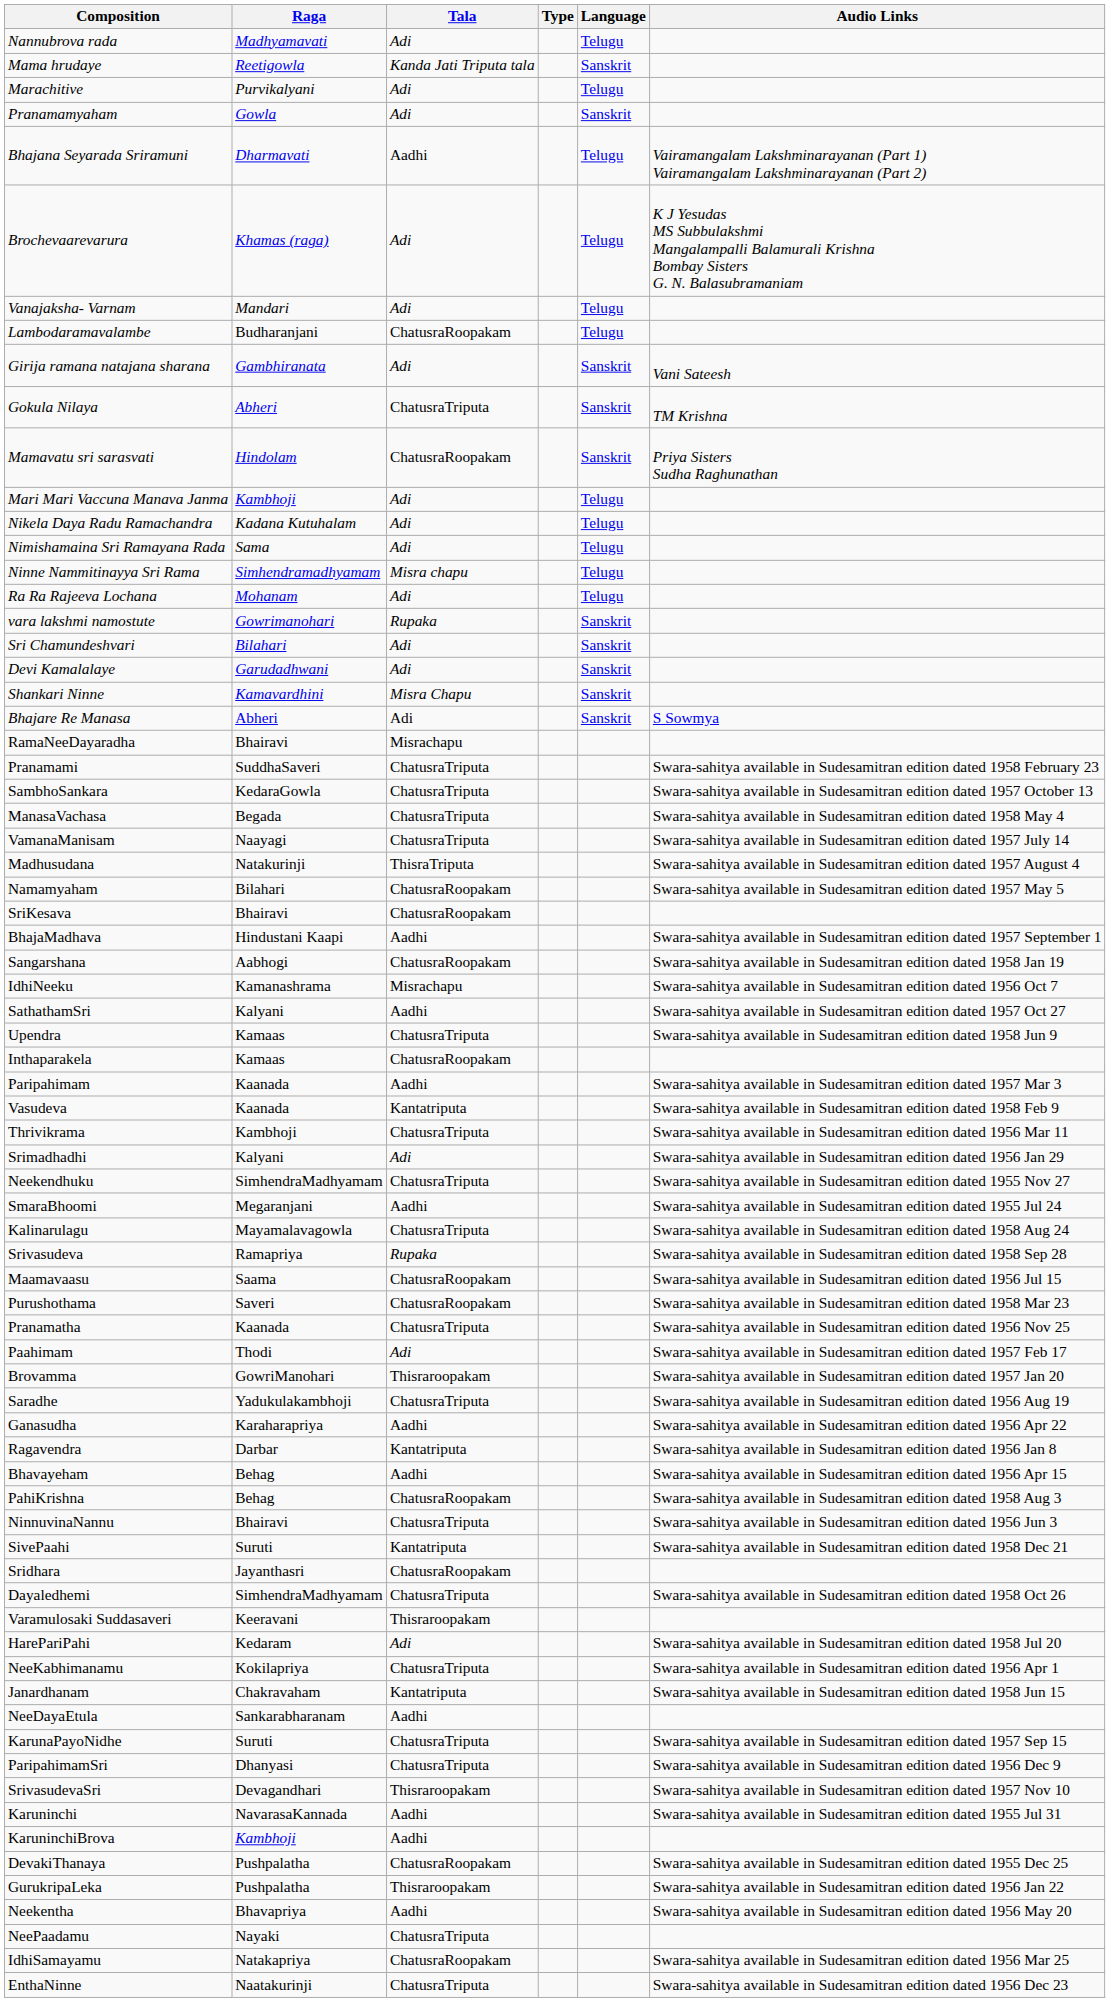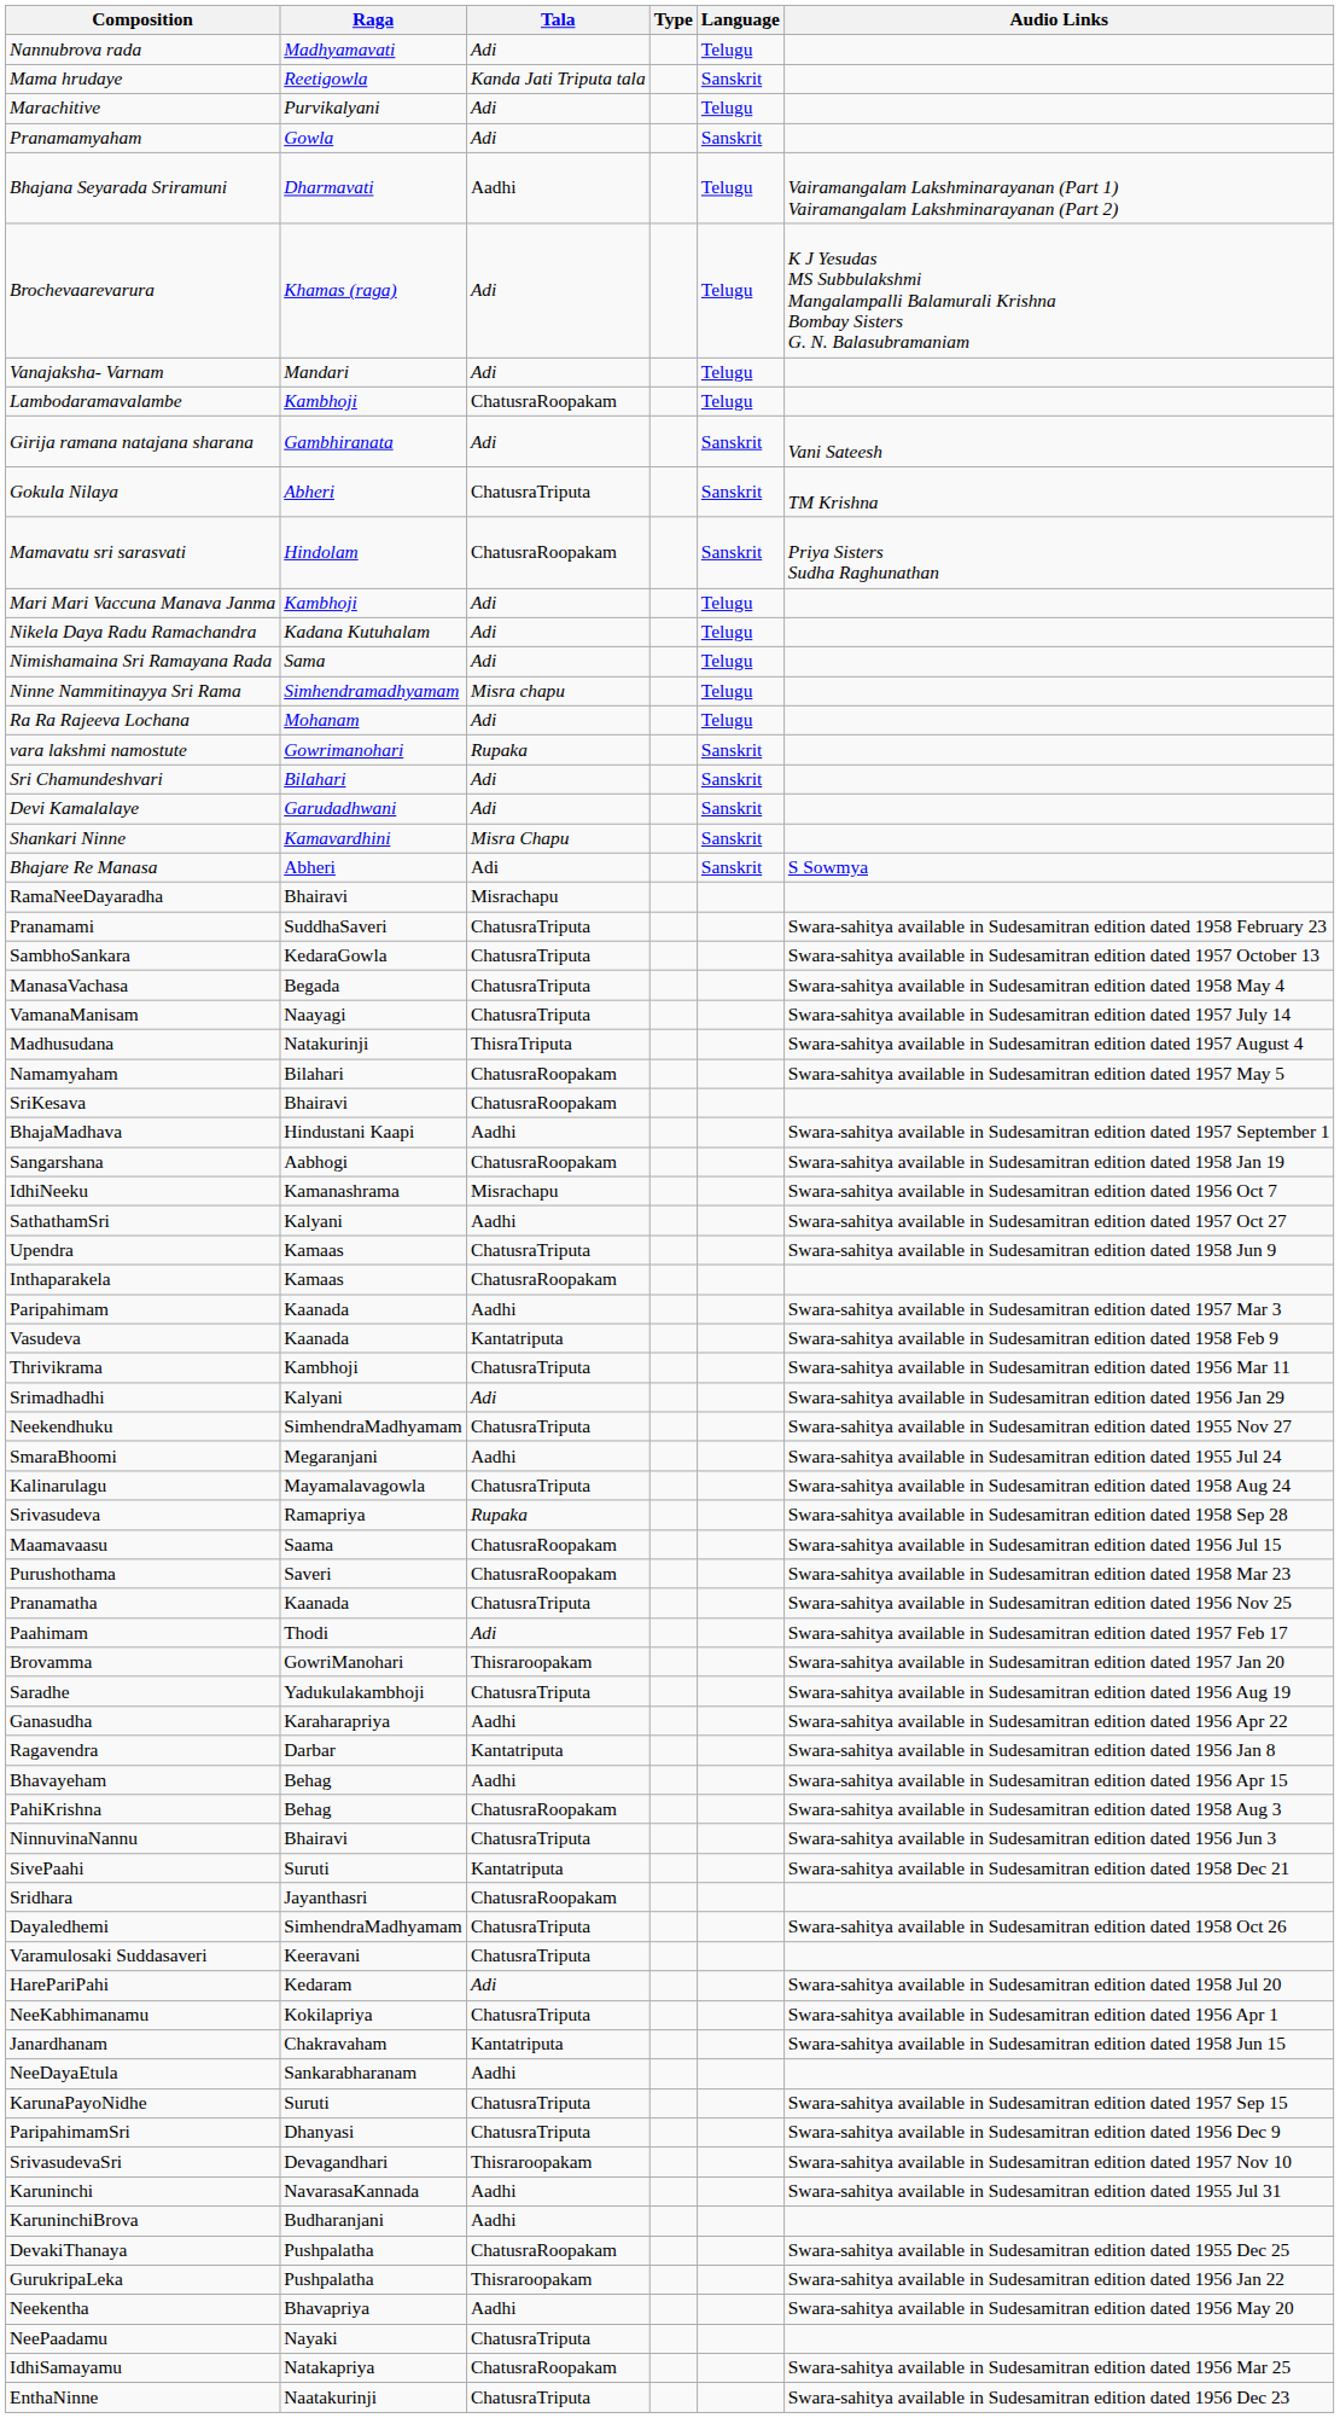 <table class="wikitable">
 <tr>
 <th>Composition</th>
 <th><a href='#'>Raga</a></th>
 <th><a href='#'>Tala</a></th>
 <th>Type</th>
 <th>Language</th>
 <th>Audio Links</th>
 </tr>
 <tr>
 <td><em>Nannubrova rada</em></td>
 <td><em><a href='#'>Madhyamavati</a></em></td>
 <td><em>Adi</em></td>
 <td></td>
 <td><a href='#'>Telugu</a></td>
 <td></td>
 </tr>
 <tr>
 <td><em>Mama hrudaye</em></td>
 <td><em><a href='#'>Reetigowla</a></em></td>
 <td><em>Kanda Jati Triputa tala</em></td>
 <td></td>
 <td><a href='#'>Sanskrit</a></td>
 <td></td>
 </tr>
 <tr>
 <td><em>Marachitive </em></td>
 <td><em>Purvikalyani</em></td>
 <td><em>Adi</em></td>
 <td></td>
 <td><a href='#'>Telugu</a></td>
 <td></td>
 </tr>
 <tr>
 <td><em>Pranamamyaham</em></td>
 <td><em><a href='#'>Gowla</a></em></td>
 <td><em>Adi</em></td>
 <td></td>
 <td><a href='#'>Sanskrit</a></td>
 <td></td>
 </tr>
 <tr>
 <td><em>Bhajana Seyarada Sriramuni</em></td>
 <td><em><a href='#'>Dharmavati</a></em></td>
 <td>Aadhi</td>
 <td></td>
 <td><a href='#'>Telugu</a></td>
 <td><br><em>Vairamangalam Lakshminarayanan (Part 1)</em> <br> <em>Vairamangalam Lakshminarayanan (Part 2)</em></td>
 </tr>
 <tr>
 <td><em>Brochevaarevarura</em></td>
 <td><em><a href='#'>Khamas (raga)</a></em></td>
 <td><em>Adi</em></td>
 <td></td>
 <td><a href='#'>Telugu</a></td>
 <td><br><em>K J Yesudas</em> <br> <em>MS Subbulakshmi</em> <br> <em>Mangalampalli Balamurali Krishna</em> <br> <em>Bombay Sisters</em> <br> <em>G. N. Balasubramaniam</em></td>
 </tr>
 <tr>
 <td><em>Vanajaksha- Varnam</em></td>
 <td><em>Mandari</em></td>
 <td><em>Adi</em></td>
 <td></td>
 <td><a href='#'>Telugu</a></td>
 <td></td>
 </tr>
 <tr>
 <td><em>Lambodaramavalambe</em></td>
-<td>Budharanjani</td>
+<td><em><a href='#'>Kambhoji</a></em></td>
 <td>ChatusraRoopakam</td>
 <td></td>
 <td><a href='#'>Telugu</a></td>
 <td></td>
 </tr>
 <tr>
 <td><em>Girija ramana natajana sharana</em></td>
 <td><em><a href='#'>Gambhiranata</a></em></td>
 <td><em>Adi</em></td>
 <td></td>
 <td><a href='#'>Sanskrit</a></td>
 <td><br><em>Vani Sateesh</em><br></td>
 </tr>
 <tr>
 <td><em>Gokula Nilaya</em></td>
 <td><em><a href='#'>Abheri</a></em></td>
 <td>ChatusraTriputa</td>
 <td></td>
 <td><a href='#'>Sanskrit</a></td>
 <td><br><em>TM Krishna</em></td>
 </tr>
 <tr>
 <td><em>Mamavatu sri sarasvati</em></td>
 <td><em><a href='#'>Hindolam</a></em></td>
 <td>ChatusraRoopakam</td>
 <td></td>
 <td><a href='#'>Sanskrit</a></td>
 <td><br><em>Priya Sisters</em> <br> <em>Sudha Raghunathan</em></td>
 </tr>
 <tr>
 <td><em>Mari Mari Vaccuna Manava Janma</em></td>
 <td><em><a href='#'>Kambhoji</a></em></td>
 <td><em>Adi</em></td>
 <td></td>
 <td><a href='#'>Telugu</a></td>
 <td></td>
 </tr>
 <tr>
 <td><em>Nikela Daya Radu Ramachandra</em></td>
 <td><em>Kadana Kutuhalam</em></td>
 <td><em>Adi</em></td>
 <td></td>
 <td><a href='#'>Telugu</a></td>
 <td></td>
 </tr>
 <tr>
 <td><em>Nimishamaina Sri Ramayana Rada</em></td>
 <td><em>Sama</em></td>
 <td><em>Adi</em></td>
 <td></td>
 <td><a href='#'>Telugu</a></td>
 <td></td>
 </tr>
 <tr>
 <td><em>Ninne Nammitinayya Sri Rama</em></td>
 <td><em><a href='#'>Simhendramadhyamam</a></em></td>
 <td><em>Misra chapu</em></td>
 <td></td>
 <td><a href='#'>Telugu</a></td>
 <td></td>
 </tr>
 <tr>
 <td><em>Ra Ra Rajeeva Lochana</em></td>
 <td><em><a href='#'>Mohanam</a></em></td>
 <td><em>Adi</em></td>
 <td></td>
 <td><a href='#'>Telugu</a></td>
 <td></td>
 </tr>
 <tr>
 <td><em>vara lakshmi namostute</em></td>
 <td><em><a href='#'>Gowrimanohari</a></em></td>
 <td><em>Rupaka</em></td>
 <td></td>
 <td><a href='#'>Sanskrit</a></td>
 <td></td>
 </tr>
 <tr>
 <td><em>Sri Chamundeshvari</em></td>
 <td><em><a href='#'>Bilahari</a></em></td>
 <td><em>Adi</em></td>
 <td></td>
 <td><a href='#'>Sanskrit</a></td>
 <td></td>
 </tr>
 <tr>
 <td><em>Devi Kamalalaye</em></td>
 <td><em><a href='#'>Garudadhwani</a></em></td>
 <td><em>Adi</em></td>
 <td></td>
 <td><a href='#'>Sanskrit</a></td>
 <td></td>
 </tr>
 <tr>
 <td><em>Shankari Ninne</em></td>
 <td><em><a href='#'>Kamavardhini</a></em></td>
 <td><em>Misra Chapu</em></td>
 <td></td>
 <td><a href='#'>Sanskrit</a></td>
 </tr>
 <tr>
 <td><em>Bhajare Re Manasa</em></td>
 <td><a href='#'>Abheri</a></td>
 <td>Adi</td>
 <td></td>
 <td><a href='#'>Sanskrit</a></td>
 <td><a href='#'>S Sowmya</a></td>
 </tr>
 <tr>
 <td>RamaNeeDayaradha</td>
 <td>Bhairavi</td>
 <td>Misrachapu</td>
 <td></td>
 <td></td>
 <td></td>
 </tr>
 <tr>
 <td>Pranamami</td>
 <td>SuddhaSaveri</td>
 <td>ChatusraTriputa</td>
 <td></td>
 <td></td>
 <td>Swara-sahitya available in Sudesamitran edition dated 1958 February 23</td>
 </tr>
 <tr>
 <td>SambhoSankara</td>
 <td>KedaraGowla</td>
 <td>ChatusraTriputa</td>
 <td></td>
 <td></td>
 <td>Swara-sahitya available in Sudesamitran edition dated 1957 October 13</td>
 </tr>
 <tr>
 <td>ManasaVachasa</td>
 <td>Begada</td>
 <td>ChatusraTriputa</td>
 <td></td>
 <td></td>
 <td>Swara-sahitya available in Sudesamitran edition dated 1958 May 4</td>
 </tr>
 <tr>
 <td>VamanaManisam</td>
 <td>Naayagi</td>
 <td>ChatusraTriputa</td>
 <td></td>
 <td></td>
 <td>Swara-sahitya available in Sudesamitran edition dated 1957 July 14</td>
 </tr>
 <tr>
 <td>Madhusudana</td>
 <td>Natakurinji</td>
 <td>ThisraTriputa</td>
 <td></td>
 <td></td>
 <td>Swara-sahitya available in Sudesamitran edition dated 1957 August 4</td>
 </tr>
 <tr>
 <td>Namamyaham</td>
 <td>Bilahari</td>
 <td>ChatusraRoopakam</td>
 <td></td>
 <td></td>
 <td>Swara-sahitya available in Sudesamitran edition dated 1957 May 5</td>
 </tr>
 <tr>
 <td>SriKesava</td>
 <td>Bhairavi</td>
 <td>ChatusraRoopakam</td>
 <td></td>
 <td></td>
 <td></td>
 </tr>
 <tr>
 <td>BhajaMadhava</td>
 <td>Hindustani  Kaapi</td>
 <td>Aadhi</td>
 <td></td>
 <td></td>
 <td>Swara-sahitya available in Sudesamitran edition dated 1957 September 1</td>
 </tr>
 <tr>
 <td>Sangarshana</td>
 <td>Aabhogi</td>
 <td>ChatusraRoopakam</td>
 <td></td>
 <td></td>
 <td>Swara-sahitya available in Sudesamitran edition dated 1958 Jan 19</td>
 </tr>
 <tr>
 <td>IdhiNeeku</td>
 <td>Kamanashrama</td>
 <td>Misrachapu</td>
 <td></td>
 <td></td>
 <td>Swara-sahitya available in Sudesamitran edition dated 1956 Oct 7</td>
 </tr>
 <tr>
 <td>SathathamSri</td>
 <td>Kalyani</td>
 <td>Aadhi</td>
 <td></td>
 <td></td>
 <td>Swara-sahitya available in Sudesamitran edition dated 1957 Oct 27</td>
 </tr>
 <tr>
 <td>Upendra</td>
 <td>Kamaas</td>
 <td>ChatusraTriputa</td>
 <td></td>
 <td></td>
 <td>Swara-sahitya available in Sudesamitran edition dated 1958 Jun 9</td>
 </tr>
 <tr>
 <td>Inthaparakela</td>
 <td>Kamaas</td>
 <td>ChatusraRoopakam</td>
 <td></td>
 <td></td>
 <td></td>
 </tr>
 <tr>
 <td>Paripahimam</td>
 <td>Kaanada</td>
 <td>Aadhi</td>
 <td></td>
 <td></td>
 <td>Swara-sahitya available in Sudesamitran edition dated 1957 Mar 3</td>
 </tr>
 <tr>
 <td>Vasudeva</td>
 <td>Kaanada</td>
 <td>Kantatriputa</td>
 <td></td>
 <td></td>
 <td>Swara-sahitya available in Sudesamitran edition dated 1958 Feb 9</td>
 </tr>
 <tr>
 <td>Thrivikrama</td>
 <td>Kambhoji</td>
 <td>ChatusraTriputa</td>
 <td></td>
 <td></td>
 <td>Swara-sahitya available in Sudesamitran edition dated 1956 Mar 11</td>
 </tr>
 <tr>
 <td>Srimadhadhi</td>
 <td>Kalyani</td>
 <td><em>Adi</em></td>
 <td></td>
 <td></td>
 <td>Swara-sahitya available in Sudesamitran edition dated 1956 Jan 29</td>
 </tr>
 <tr>
 <td>Neekendhuku</td>
 <td>SimhendraMadhyamam</td>
 <td>ChatusraTriputa</td>
 <td></td>
 <td></td>
 <td>Swara-sahitya available in Sudesamitran edition dated 1955 Nov 27</td>
 </tr>
 <tr>
 <td>SmaraBhoomi</td>
 <td>Megaranjani</td>
 <td>Aadhi</td>
 <td></td>
 <td></td>
 <td>Swara-sahitya available in Sudesamitran edition dated 1955 Jul 24</td>
 </tr>
 <tr>
 <td>Kalinarulagu</td>
 <td>Mayamalavagowla</td>
 <td>ChatusraTriputa</td>
 <td></td>
 <td></td>
 <td>Swara-sahitya available in Sudesamitran edition dated 1958 Aug 24</td>
 </tr>
 <tr>
 <td>Srivasudeva</td>
 <td>Ramapriya</td>
 <td><em>Rupaka</em></td>
 <td></td>
 <td></td>
 <td>Swara-sahitya available in Sudesamitran edition dated 1958 Sep 28</td>
 </tr>
 <tr>
 <td>Maamavaasu</td>
 <td>Saama</td>
 <td>ChatusraRoopakam</td>
 <td></td>
 <td></td>
 <td>Swara-sahitya available in Sudesamitran edition dated 1956 Jul 15</td>
 </tr>
 <tr>
 <td>Purushothama</td>
 <td>Saveri</td>
 <td>ChatusraRoopakam</td>
 <td></td>
 <td></td>
 <td>Swara-sahitya available in Sudesamitran edition dated 1958 Mar 23</td>
 </tr>
 <tr>
 <td>Pranamatha</td>
 <td>Kaanada</td>
 <td>ChatusraTriputa</td>
 <td></td>
 <td></td>
 <td>Swara-sahitya available in Sudesamitran edition dated 1956 Nov 25</td>
 </tr>
 <tr>
 <td>Paahimam</td>
 <td>Thodi</td>
 <td><em>Adi</em></td>
 <td></td>
 <td></td>
 <td>Swara-sahitya available in Sudesamitran edition dated 1957 Feb 17</td>
 </tr>
 <tr>
 <td>Brovamma</td>
 <td>GowriManohari</td>
 <td>Thisraroopakam</td>
 <td></td>
 <td></td>
 <td>Swara-sahitya available in Sudesamitran edition dated 1957 Jan 20</td>
 </tr>
 <tr>
 <td>Saradhe</td>
 <td>Yadukulakambhoji</td>
 <td>ChatusraTriputa</td>
 <td></td>
 <td></td>
 <td>Swara-sahitya available in Sudesamitran edition dated 1956 Aug 19</td>
 </tr>
 <tr>
 <td>Ganasudha</td>
 <td>Karaharapriya</td>
 <td>Aadhi</td>
 <td></td>
 <td></td>
 <td>Swara-sahitya available in Sudesamitran edition dated 1956 Apr 22</td>
 </tr>
 <tr>
 <td>Ragavendra</td>
 <td>Darbar</td>
 <td>Kantatriputa</td>
 <td></td>
 <td></td>
 <td>Swara-sahitya available in Sudesamitran edition dated 1956 Jan 8</td>
 </tr>
 <tr>
 <td>Bhavayeham</td>
 <td>Behag</td>
 <td>Aadhi</td>
 <td></td>
 <td></td>
 <td>Swara-sahitya available in Sudesamitran edition dated 1956 Apr 15</td>
 </tr>
 <tr>
 <td>PahiKrishna</td>
 <td>Behag</td>
 <td>ChatusraRoopakam</td>
 <td></td>
 <td></td>
 <td>Swara-sahitya available in Sudesamitran edition dated 1958 Aug 3</td>
 </tr>
 <tr>
 <td>NinnuvinaNannu</td>
 <td>Bhairavi</td>
 <td>ChatusraTriputa</td>
 <td></td>
 <td></td>
 <td>Swara-sahitya available in Sudesamitran edition dated 1956 Jun 3</td>
 </tr>
 <tr>
 <td>SivePaahi</td>
 <td>Suruti</td>
 <td>Kantatriputa</td>
 <td></td>
 <td></td>
 <td>Swara-sahitya available in Sudesamitran edition dated 1958 Dec 21</td>
 </tr>
 <tr>
 <td>Sridhara</td>
 <td>Jayanthasri</td>
 <td>ChatusraRoopakam</td>
 <td></td>
 <td></td>
 <td></td>
 </tr>
 <tr>
 <td>Dayaledhemi</td>
 <td>SimhendraMadhyamam</td>
 <td>ChatusraTriputa</td>
 <td></td>
 <td></td>
 <td>Swara-sahitya available in Sudesamitran edition dated 1958 Oct 26</td>
 </tr>
 <tr>
 <td>Varamulosaki  Suddasaveri</td>
 <td>Keeravani</td>
-<td>Thisraroopakam</td>
+<td>ChatusraTriputa</td>
 <td></td>
 <td></td>
 <td></td>
 </tr>
 <tr>
 <td>HarePariPahi</td>
 <td>Kedaram</td>
 <td><em>Adi</em></td>
 <td></td>
 <td></td>
 <td>Swara-sahitya available in Sudesamitran edition dated 1958 Jul 20</td>
 </tr>
 <tr>
 <td>NeeKabhimanamu</td>
 <td>Kokilapriya</td>
 <td>ChatusraTriputa</td>
 <td></td>
 <td></td>
 <td>Swara-sahitya available in Sudesamitran edition dated 1956 Apr 1</td>
 </tr>
 <tr>
 <td>Janardhanam</td>
 <td>Chakravaham</td>
 <td>Kantatriputa</td>
 <td></td>
 <td></td>
 <td>Swara-sahitya available in Sudesamitran edition dated 1958 Jun 15</td>
 </tr>
 <tr>
 <td>NeeDayaEtula</td>
 <td>Sankarabharanam</td>
 <td>Aadhi</td>
 <td></td>
 <td></td>
 <td></td>
 </tr>
 <tr>
 <td>KarunaPayoNidhe</td>
 <td>Suruti</td>
 <td>ChatusraTriputa</td>
 <td></td>
 <td></td>
 <td>Swara-sahitya available in Sudesamitran edition dated 1957 Sep 15</td>
 </tr>
 <tr>
 <td>ParipahimamSri</td>
 <td>Dhanyasi</td>
 <td>ChatusraTriputa</td>
 <td></td>
 <td></td>
 <td>Swara-sahitya available in Sudesamitran edition dated 1956 Dec 9</td>
 </tr>
 <tr>
 <td>SrivasudevaSri</td>
 <td>Devagandhari</td>
 <td>Thisraroopakam</td>
 <td></td>
 <td></td>
 <td>Swara-sahitya available in Sudesamitran edition dated 1957 Nov 10</td>
 </tr>
 <tr>
 <td>Karuninchi</td>
 <td>NavarasaKannada</td>
 <td>Aadhi</td>
 <td></td>
 <td></td>
 <td>Swara-sahitya available in Sudesamitran edition dated 1955 Jul 31</td>
 </tr>
 <tr>
 <td>KaruninchiBrova</td>
-<td><em><a href='#'>Kambhoji</a></em></td>
+<td>Budharanjani</td>
 <td>Aadhi</td>
 <td></td>
 <td></td>
 <td></td>
 </tr>
 <tr>
 <td>DevakiThanaya</td>
 <td>Pushpalatha</td>
 <td>ChatusraRoopakam</td>
 <td></td>
 <td></td>
 <td>Swara-sahitya available in Sudesamitran edition dated 1955 Dec 25</td>
 </tr>
 <tr>
 <td>GurukripaLeka</td>
 <td>Pushpalatha</td>
 <td>Thisraroopakam</td>
 <td></td>
 <td></td>
 <td>Swara-sahitya available in Sudesamitran edition dated 1956 Jan 22</td>
 </tr>
 <tr>
 <td>Neekentha</td>
 <td>Bhavapriya</td>
 <td>Aadhi</td>
 <td></td>
 <td></td>
 <td>Swara-sahitya available in Sudesamitran edition dated 1956 May 20</td>
 </tr>
 <tr>
 <td>NeePaadamu</td>
 <td>Nayaki</td>
 <td>ChatusraTriputa</td>
 <td></td>
 <td></td>
 <td></td>
 </tr>
 <tr>
 <td>IdhiSamayamu</td>
 <td>Natakapriya</td>
 <td>ChatusraRoopakam</td>
 <td></td>
 <td></td>
 <td>Swara-sahitya available in Sudesamitran edition dated 1956 Mar 25</td>
 </tr>
 <tr>
 <td>EnthaNinne</td>
 <td>Naatakurinji</td>
 <td>ChatusraTriputa</td>
 <td></td>
 <td></td>
 <td>Swara-sahitya available in Sudesamitran edition dated 1956 Dec 23</td>
 </tr>
 </table>
